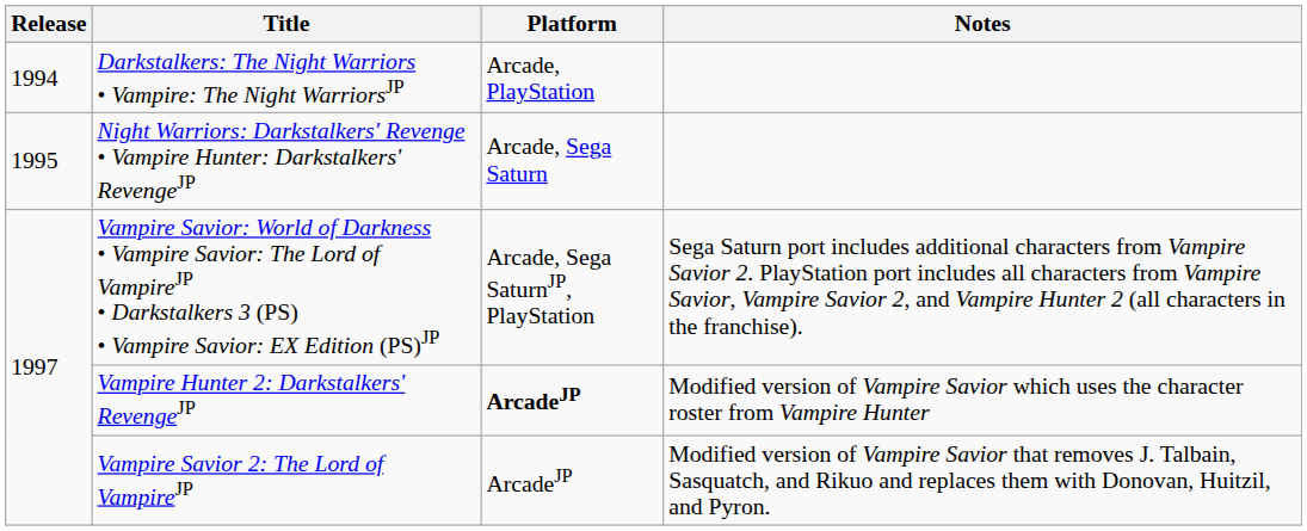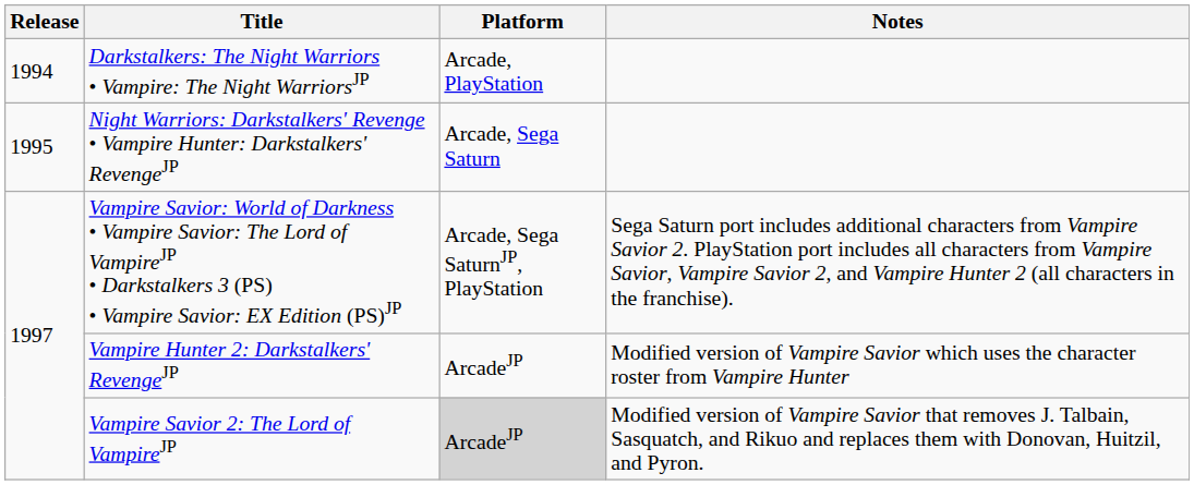 <table class="wikitable sortable" style="width:100%;">
 <tr>
 <th scope="col">Release</th>
 <th scope="col" style="width: 30%;">Title</th>
 <th scope="col">Platform</th>
 <th scope="col" class="unsortable">Notes</th>
 </tr>
 <tr>
 <td>1994</td>
 <td><em><a href='#'>Darkstalkers: The Night Warriors</a></em><br>• <em>Vampire: The Night Warriors</em><sup>JP</sup></td>
 <td>Arcade, <a href='#'>PlayStation</a></td>
 <td></td>
 </tr>
 <tr>
 <td>1995</td>
 <td><em><a href='#'>Night Warriors: Darkstalkers' Revenge</a></em><br>• <em>Vampire Hunter: Darkstalkers' Revenge</em><sup>JP</sup></td>
 <td>Arcade, <a href='#'>Sega Saturn</a></td>
 <td></td>
 </tr>
 <tr>
 <td rowspan="3">1997</td>
 <td><em><a href='#'>Vampire Savior: World of Darkness</a></em><br>• <em>Vampire Savior: The Lord of Vampire</em><sup>JP</sup><br>• <em>Darkstalkers 3</em> (PS)<br>• <em>Vampire Savior: EX Edition</em> (PS)<sup>JP</sup></td>
 <td>Arcade, Sega Saturn<sup>JP</sup>, PlayStation</td>
 <td>Sega Saturn port includes additional characters from <em>Vampire Savior 2</em>. PlayStation port includes all characters from <em>Vampire Savior</em>, <em>Vampire Savior 2</em>, and <em>Vampire Hunter 2</em> (all characters in the franchise).</td>
 </tr>
 <tr>
 <td><em><a href='#'>Vampire Hunter 2: Darkstalkers' Revenge</a></em><sup>JP</sup></td>
-<td><strong>Arcade<sup>JP</sup></strong></td>
+<td>Arcade<sup>JP</sup></td>
 <td>Modified version of <em>Vampire Savior</em> which uses the character roster from <em>Vampire Hunter</em></td>
 </tr>
 <tr>
 <td><em><a href='#'>Vampire Savior 2: The Lord of Vampire</a></em><sup>JP</sup></td>
-<td>Arcade<sup>JP</sup></td>
+<td style="background: lightgrey;">Arcade<sup>JP</sup></td>
 <td>Modified version of <em>Vampire Savior</em> that removes J. Talbain, Sasquatch, and Rikuo and replaces them with Donovan, Huitzil, and Pyron.</td>
 </tr>
 </table>
